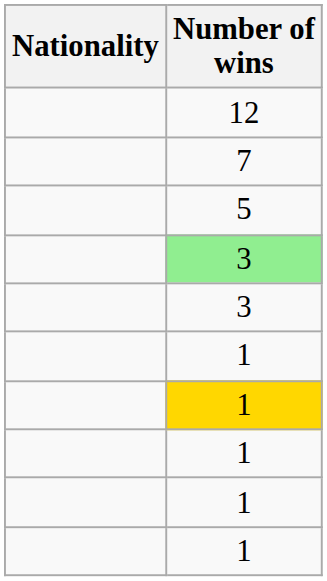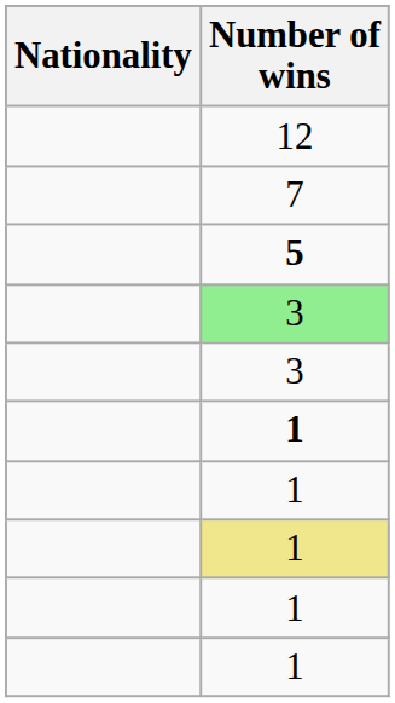 <table class="wikitable">
 <tr>
 <th>Nationality</th>
 <th>Number of<br>wins</th>
 </tr>
 <tr>
 <td></td>
 <td align=center>12</td>
 </tr>
 <tr>
 <td></td>
 <td align=center>7</td>
 </tr>
 <tr>
 <td></td>
-<td align=center>5</td>
+<td align=center><strong>5</strong></td>
 </tr>
 <tr>
 <td></td>
 <td align=center style="background: lightgreen;">3</td>
 </tr>
 <tr>
 <td></td>
 <td align=center>3</td>
 </tr>
 <tr>
 <td></td>
+<td align=center><strong>1</strong></td>
+</tr>
+<tr>
+<td></td>
 <td align=center>1</td>
 </tr>
 <tr>
 <td></td>
-<td align=center style="background: gold;">1</td>
-</tr>
-<tr>
-<td></td>
-<td align=center>1</td>
+<td align=center style="background: khaki;">1</td>
 </tr>
 <tr>
 <td></td>
 <td align=center>1</td>
 </tr>
 <tr>
 <td></td>
 <td align=center>1</td>
 </tr>
 </table>
